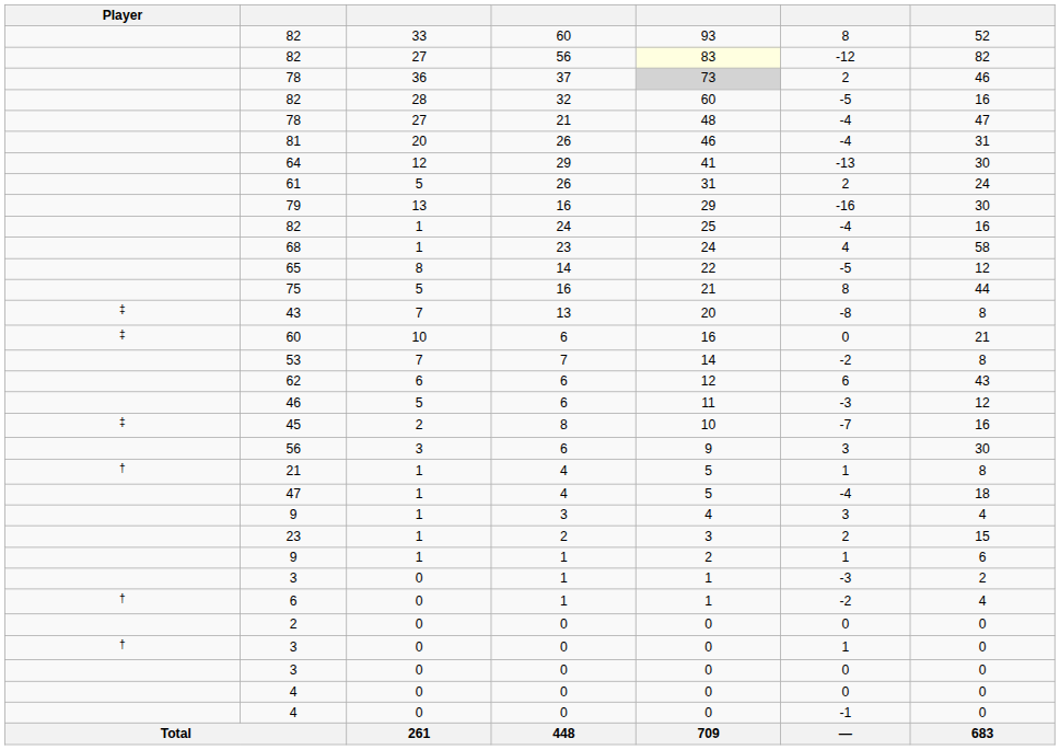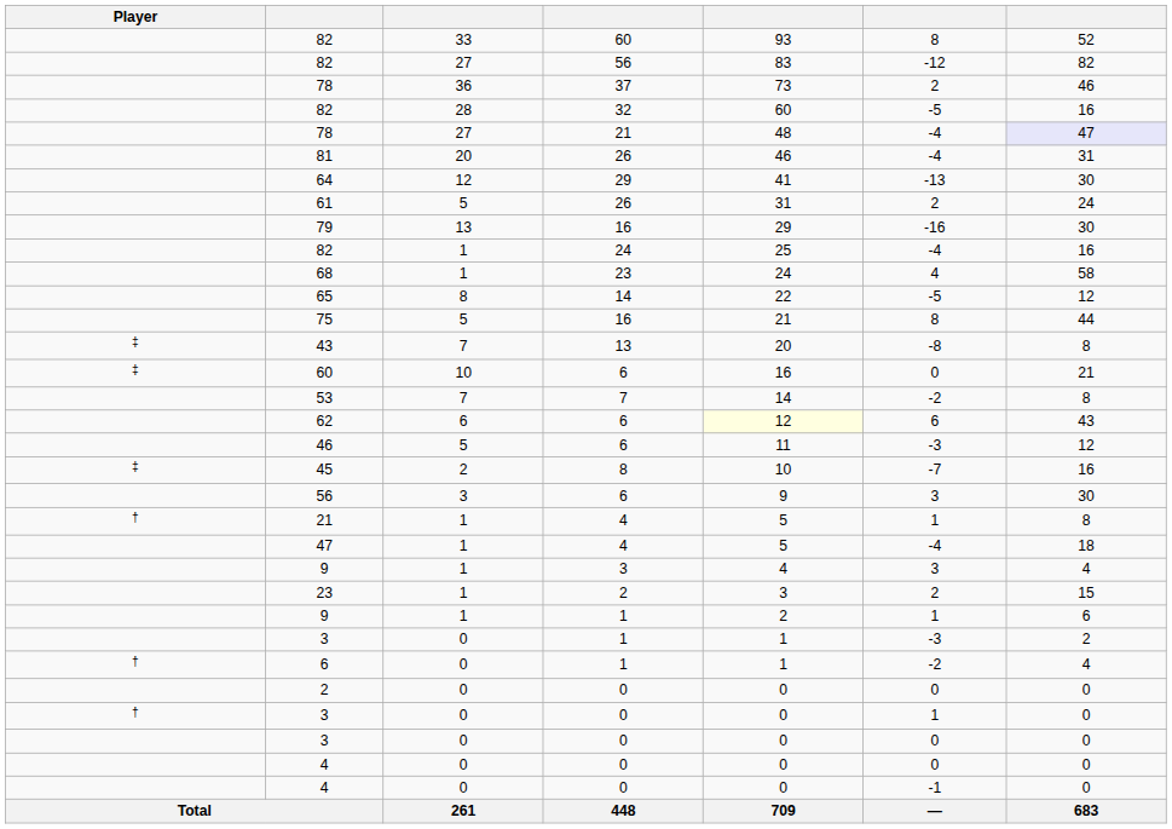 <table class="wikitable sortable" style="width:100%; text-align:center;">
 <tr align=center>
 <th>Player</th>
 <th></th>
 <th></th>
 <th></th>
 <th></th>
 <th data-sort-type="number"></th>
 <th></th>
 </tr>
 <tr>
 <td></td>
 <td>82</td>
 <td>33</td>
 <td>60</td>
 <td>93</td>
 <td>8</td>
 <td>52</td>
 </tr>
 <tr>
 <td></td>
 <td>82</td>
 <td>27</td>
 <td>56</td>
-<td style="background: lightyellow;">83</td>
+<td>83</td>
 <td>-12</td>
 <td>82</td>
 </tr>
 <tr>
 <td></td>
 <td>78</td>
 <td>36</td>
 <td>37</td>
-<td style="background: lightgrey;">73</td>
+<td>73</td>
 <td>2</td>
 <td>46</td>
 </tr>
 <tr>
 <td></td>
 <td>82</td>
 <td>28</td>
 <td>32</td>
 <td>60</td>
 <td>-5</td>
 <td>16</td>
 </tr>
 <tr>
 <td></td>
 <td>78</td>
 <td>27</td>
 <td>21</td>
 <td>48</td>
 <td>-4</td>
-<td>47</td>
+<td style="background: lavender;">47</td>
 </tr>
 <tr>
 <td></td>
 <td>81</td>
 <td>20</td>
 <td>26</td>
 <td>46</td>
 <td>-4</td>
 <td>31</td>
 </tr>
 <tr>
 <td></td>
 <td>64</td>
 <td>12</td>
 <td>29</td>
 <td>41</td>
 <td>-13</td>
 <td>30</td>
 </tr>
 <tr>
 <td></td>
 <td>61</td>
 <td>5</td>
 <td>26</td>
 <td>31</td>
 <td>2</td>
 <td>24</td>
 </tr>
 <tr>
 <td></td>
 <td>79</td>
 <td>13</td>
 <td>16</td>
 <td>29</td>
 <td>-16</td>
 <td>30</td>
 </tr>
 <tr>
 <td></td>
 <td>82</td>
 <td>1</td>
 <td>24</td>
 <td>25</td>
 <td>-4</td>
 <td>16</td>
 </tr>
 <tr>
 <td></td>
 <td>68</td>
 <td>1</td>
 <td>23</td>
 <td>24</td>
 <td>4</td>
 <td>58</td>
 </tr>
 <tr>
 <td></td>
 <td>65</td>
 <td>8</td>
 <td>14</td>
 <td>22</td>
 <td>-5</td>
 <td>12</td>
 </tr>
 <tr>
 <td></td>
 <td>75</td>
 <td>5</td>
 <td>16</td>
 <td>21</td>
 <td>8</td>
 <td>44</td>
 </tr>
 <tr>
 <td><sup>‡</sup></td>
 <td>43</td>
 <td>7</td>
 <td>13</td>
 <td>20</td>
 <td>-8</td>
 <td>8</td>
 </tr>
 <tr>
 <td><sup>‡</sup></td>
 <td>60</td>
 <td>10</td>
 <td>6</td>
 <td>16</td>
 <td>0</td>
 <td>21</td>
 </tr>
 <tr>
 <td></td>
 <td>53</td>
 <td>7</td>
 <td>7</td>
 <td>14</td>
 <td>-2</td>
 <td>8</td>
 </tr>
 <tr>
 <td></td>
 <td>62</td>
 <td>6</td>
 <td>6</td>
-<td>12</td>
+<td style="background: lightyellow;">12</td>
 <td>6</td>
 <td>43</td>
 </tr>
 <tr>
 <td></td>
 <td>46</td>
 <td>5</td>
 <td>6</td>
 <td>11</td>
 <td>-3</td>
 <td>12</td>
 </tr>
 <tr>
 <td><sup>‡</sup></td>
 <td>45</td>
 <td>2</td>
 <td>8</td>
 <td>10</td>
 <td>-7</td>
 <td>16</td>
 </tr>
 <tr>
 <td></td>
 <td>56</td>
 <td>3</td>
 <td>6</td>
 <td>9</td>
 <td>3</td>
 <td>30</td>
 </tr>
 <tr>
 <td><sup>†</sup></td>
 <td>21</td>
 <td>1</td>
 <td>4</td>
 <td>5</td>
 <td>1</td>
 <td>8</td>
 </tr>
 <tr>
 <td></td>
 <td>47</td>
 <td>1</td>
 <td>4</td>
 <td>5</td>
 <td>-4</td>
 <td>18</td>
 </tr>
 <tr>
 <td></td>
 <td>9</td>
 <td>1</td>
 <td>3</td>
 <td>4</td>
 <td>3</td>
 <td>4</td>
 </tr>
 <tr>
 <td></td>
 <td>23</td>
 <td>1</td>
 <td>2</td>
 <td>3</td>
 <td>2</td>
 <td>15</td>
 </tr>
 <tr>
 <td></td>
 <td>9</td>
 <td>1</td>
 <td>1</td>
 <td>2</td>
 <td>1</td>
 <td>6</td>
 </tr>
 <tr>
 <td></td>
 <td>3</td>
 <td>0</td>
 <td>1</td>
 <td>1</td>
 <td>-3</td>
 <td>2</td>
 </tr>
 <tr>
 <td><sup>†</sup></td>
 <td>6</td>
 <td>0</td>
 <td>1</td>
 <td>1</td>
 <td>-2</td>
 <td>4</td>
 </tr>
 <tr>
 <td></td>
 <td>2</td>
 <td>0</td>
 <td>0</td>
 <td>0</td>
 <td>0</td>
 <td>0</td>
 </tr>
 <tr>
 <td><sup>†</sup></td>
 <td>3</td>
 <td>0</td>
 <td>0</td>
 <td>0</td>
 <td>1</td>
 <td>0</td>
 </tr>
 <tr>
 <td></td>
 <td>3</td>
 <td>0</td>
 <td>0</td>
 <td>0</td>
 <td>0</td>
 <td>0</td>
 </tr>
 <tr>
 <td></td>
 <td>4</td>
 <td>0</td>
 <td>0</td>
 <td>0</td>
 <td>0</td>
 <td>0</td>
 </tr>
 <tr>
 <td></td>
 <td>4</td>
 <td>0</td>
 <td>0</td>
 <td>0</td>
 <td>-1</td>
 <td>0</td>
 </tr>
 <tr class="sortbottom">
 <th colspan=2>Total</th>
 <th>261</th>
 <th>448</th>
 <th>709</th>
 <th>—</th>
 <th>683</th>
 </tr>
 </table>
